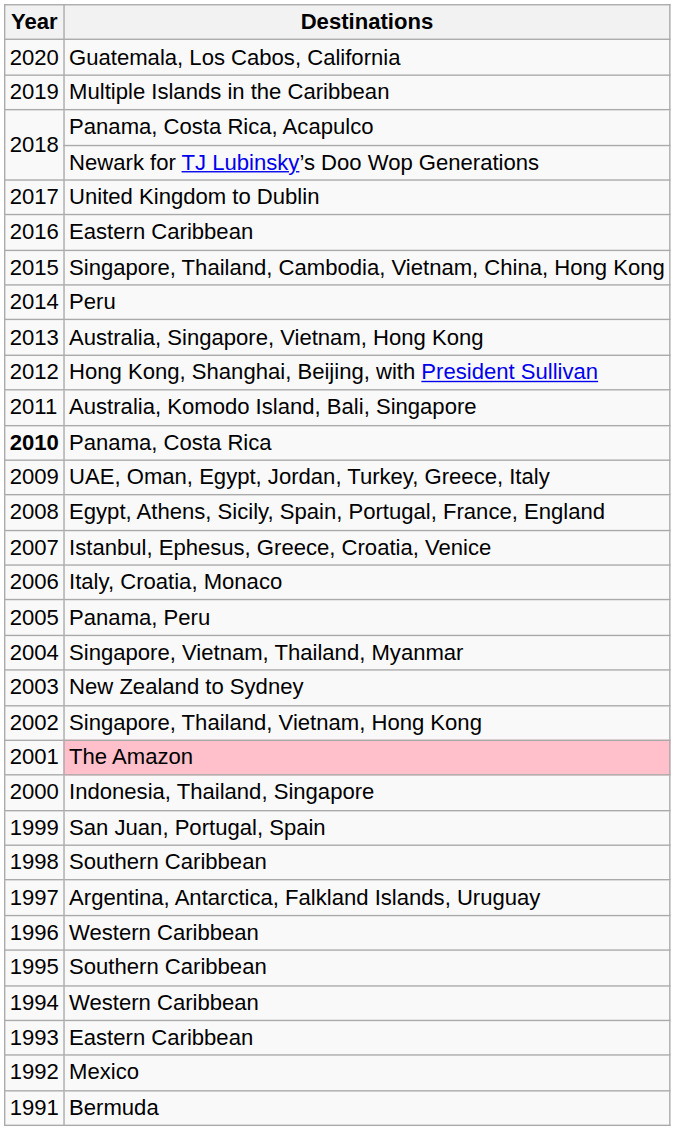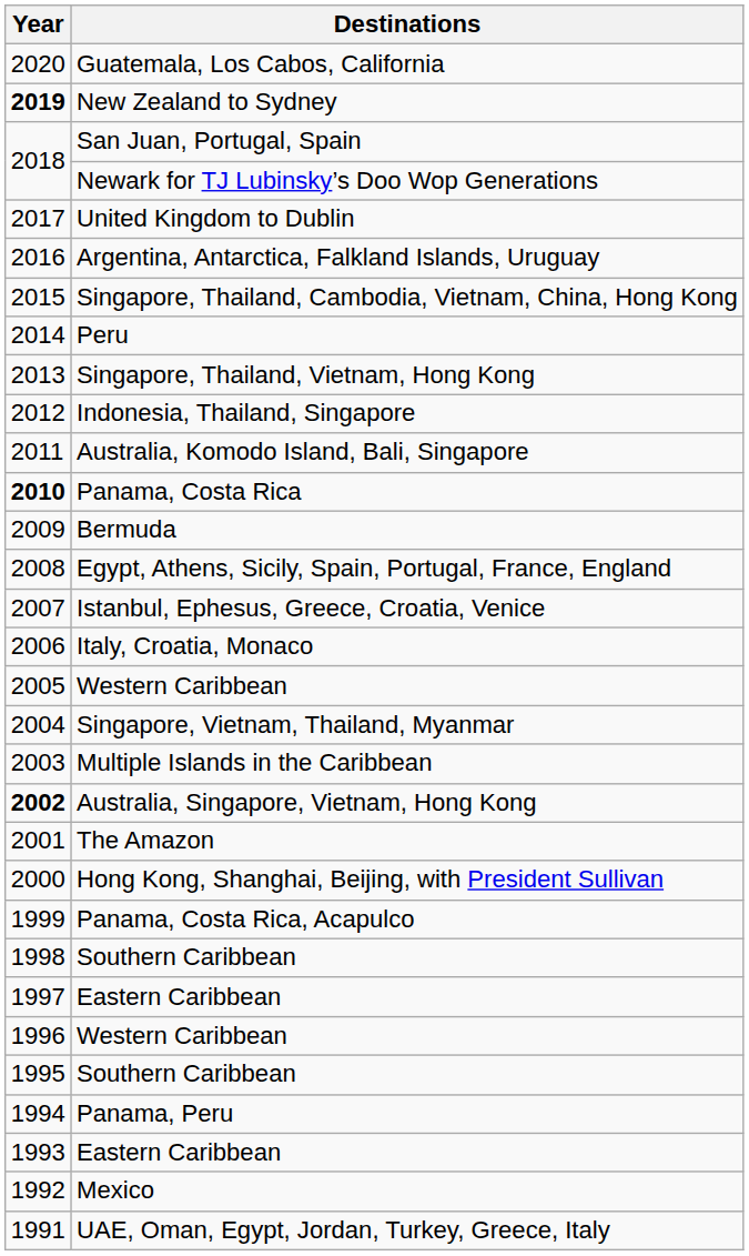 <table class="wikitable" style="display: inline-table;">
 <tr>
 <th scope="col">Year</th>
 <th scope="col">Destinations</th>
 </tr>
 <tr>
 <td>2020</td>
 <td>Guatemala, Los Cabos, California</td>
 </tr>
 <tr>
-<td>2019</td>
-<td>Multiple Islands in the Caribbean</td>
+<td><strong>2019</strong></td>
+<td>New Zealand to Sydney</td>
 </tr>
 <tr>
 <td rowspan="2">2018</td>
-<td>Panama, Costa Rica, Acapulco</td>
+<td>San Juan, Portugal, Spain</td>
 </tr>
 <tr>
 <td>Newark for <a href='#'>TJ Lubinsky</a>’s Doo Wop Generations</td>
 </tr>
 <tr>
 <td>2017</td>
 <td>United Kingdom to Dublin</td>
 </tr>
 <tr>
 <td>2016</td>
-<td>Eastern Caribbean</td>
+<td>Argentina, Antarctica, Falkland Islands, Uruguay</td>
 </tr>
 <tr>
 <td>2015</td>
 <td>Singapore, Thailand, Cambodia, Vietnam, China, Hong Kong</td>
 </tr>
 <tr>
 <td>2014</td>
 <td>Peru</td>
 </tr>
 <tr>
 <td>2013</td>
-<td>Australia, Singapore, Vietnam, Hong Kong</td>
+<td>Singapore, Thailand, Vietnam, Hong Kong</td>
 </tr>
 <tr>
 <td>2012</td>
-<td>Hong Kong, Shanghai, Beijing, with <a href='#'>President Sullivan</a></td>
+<td>Indonesia, Thailand, Singapore</td>
 </tr>
 <tr>
 <td>2011</td>
 <td>Australia, Komodo Island, Bali, Singapore</td>
 </tr>
 <tr>
 <td><strong>2010</strong></td>
 <td>Panama, Costa Rica</td>
 </tr>
 <tr>
 <td>2009</td>
-<td>UAE, Oman, Egypt, Jordan, Turkey, Greece, Italy</td>
+<td>Bermuda</td>
 </tr>
 <tr>
 <td>2008</td>
 <td>Egypt, Athens, Sicily, Spain, Portugal, France, England</td>
 </tr>
 <tr>
 <td>2007</td>
 <td>Istanbul, Ephesus, Greece, Croatia, Venice</td>
 </tr>
 <tr>
 <td>2006</td>
 <td>Italy, Croatia, Monaco</td>
 </tr>
 <tr>
 <td>2005</td>
-<td>Panama, Peru</td>
+<td>Western Caribbean</td>
 </tr>
 <tr>
 <td>2004</td>
 <td>Singapore, Vietnam, Thailand, Myanmar</td>
 </tr>
 <tr>
 <td>2003</td>
-<td>New Zealand to Sydney</td>
+<td>Multiple Islands in the Caribbean</td>
 </tr>
 <tr>
-<td>2002</td>
-<td>Singapore, Thailand, Vietnam, Hong Kong</td>
+<td><strong>2002</strong></td>
+<td>Australia, Singapore, Vietnam, Hong Kong</td>
 </tr>
 <tr>
 <td>2001</td>
-<td style="background: pink;">The Amazon</td>
+<td>The Amazon</td>
 </tr>
 <tr>
 <td>2000</td>
-<td>Indonesia, Thailand, Singapore</td>
+<td>Hong Kong, Shanghai, Beijing, with <a href='#'>President Sullivan</a></td>
 </tr>
 <tr>
 <td>1999</td>
-<td>San Juan, Portugal, Spain</td>
+<td>Panama, Costa Rica, Acapulco</td>
 </tr>
 <tr>
 <td>1998</td>
 <td>Southern Caribbean</td>
 </tr>
 <tr>
 <td>1997</td>
-<td>Argentina, Antarctica, Falkland Islands, Uruguay</td>
+<td>Eastern Caribbean</td>
 </tr>
 <tr>
 <td>1996</td>
 <td>Western Caribbean</td>
 </tr>
 <tr>
 <td>1995</td>
 <td>Southern Caribbean</td>
 </tr>
 <tr>
 <td>1994</td>
-<td>Western Caribbean</td>
+<td>Panama, Peru</td>
 </tr>
 <tr>
 <td>1993</td>
 <td>Eastern Caribbean</td>
 </tr>
 <tr>
 <td>1992</td>
 <td>Mexico</td>
 </tr>
 <tr>
 <td>1991</td>
-<td>Bermuda</td>
+<td>UAE, Oman, Egypt, Jordan, Turkey, Greece, Italy</td>
 </tr>
 </table>
